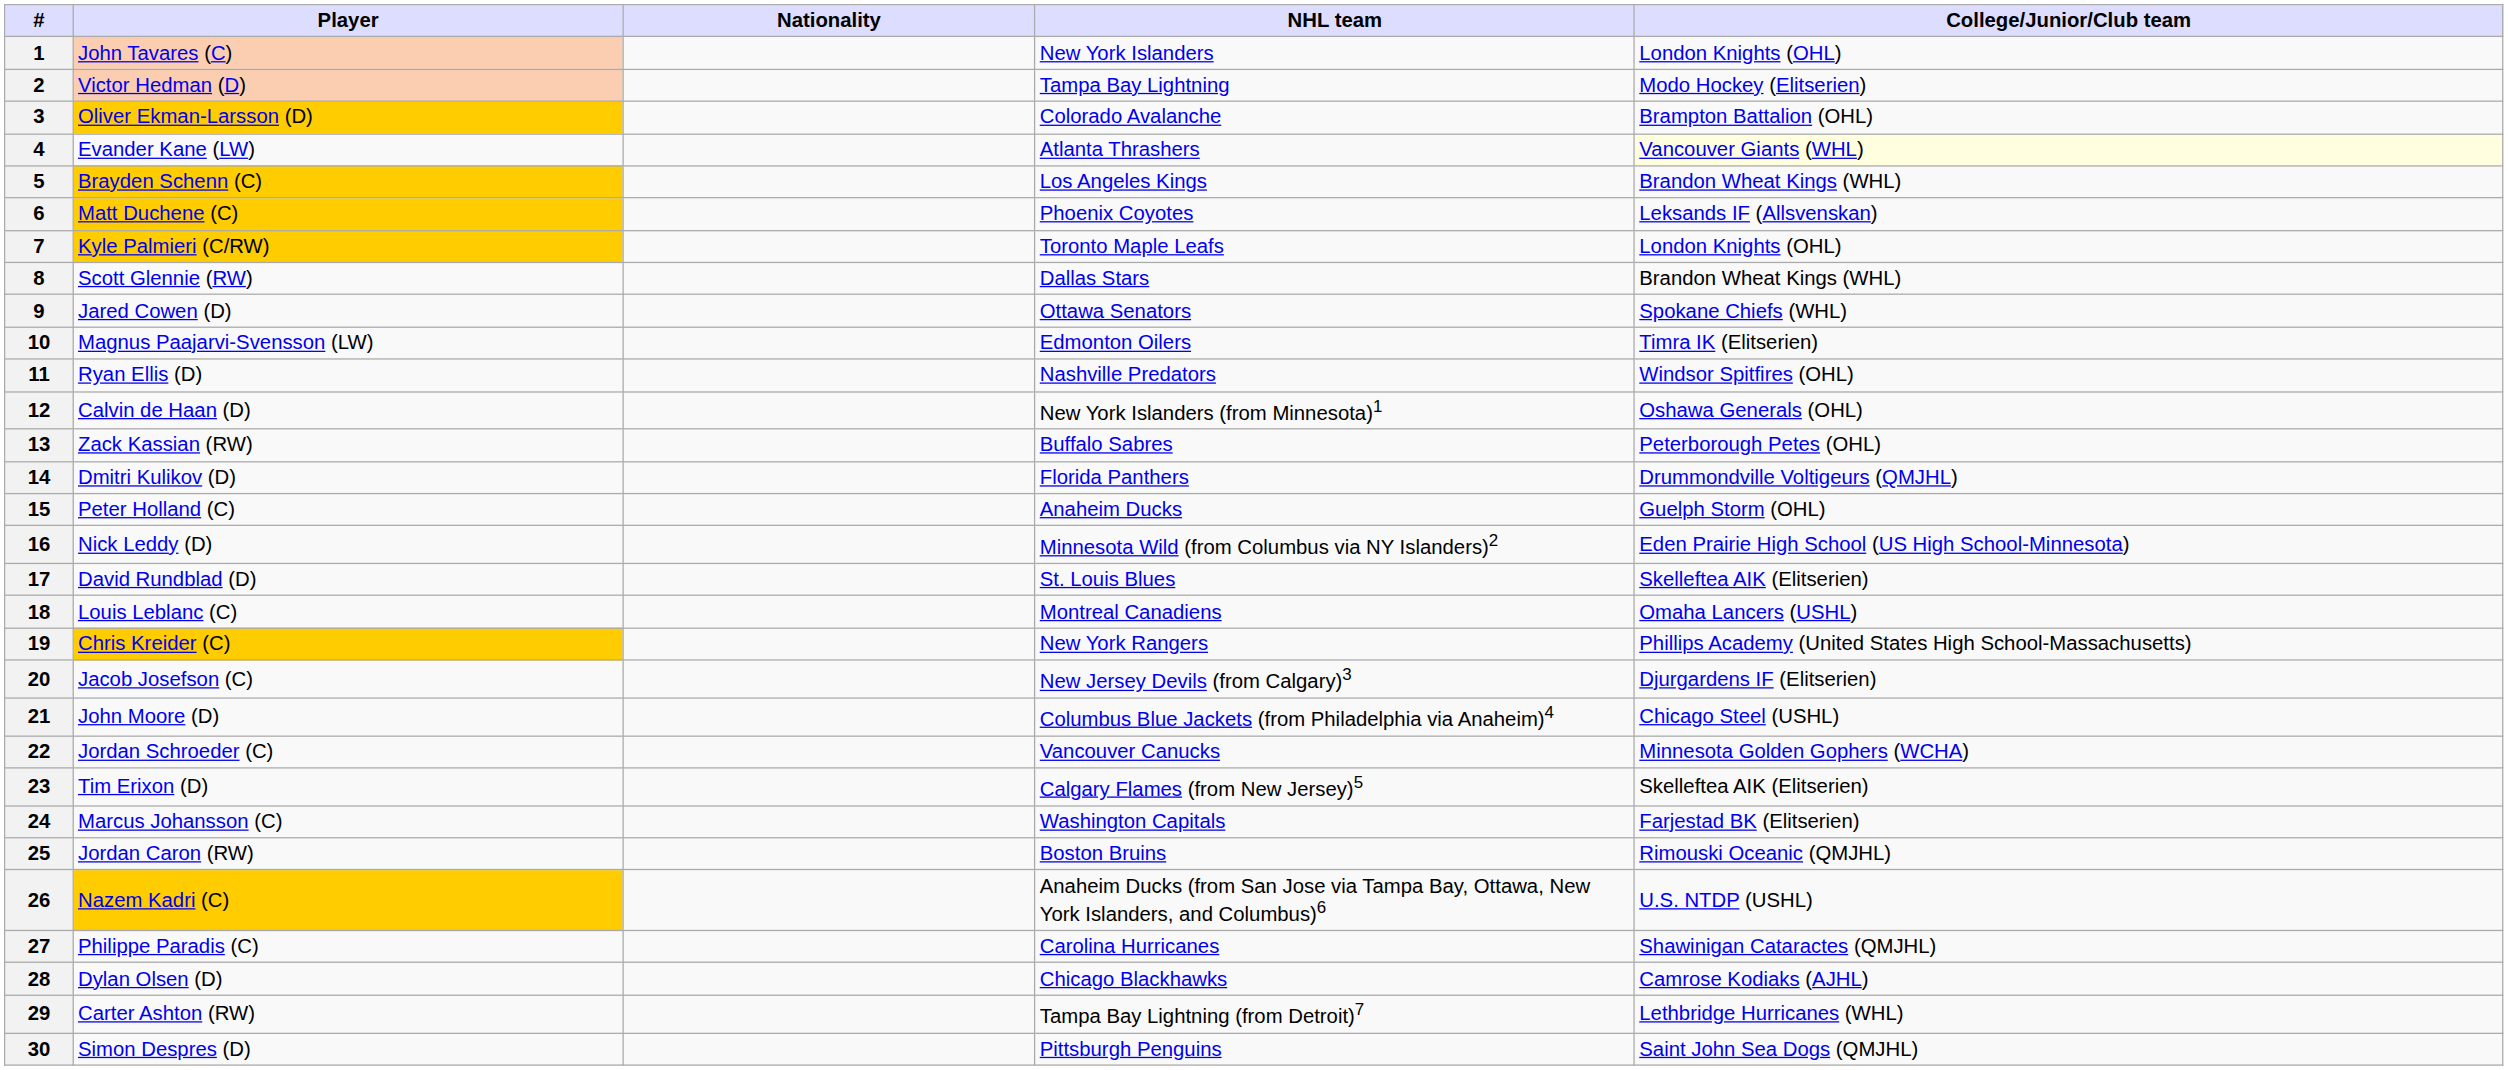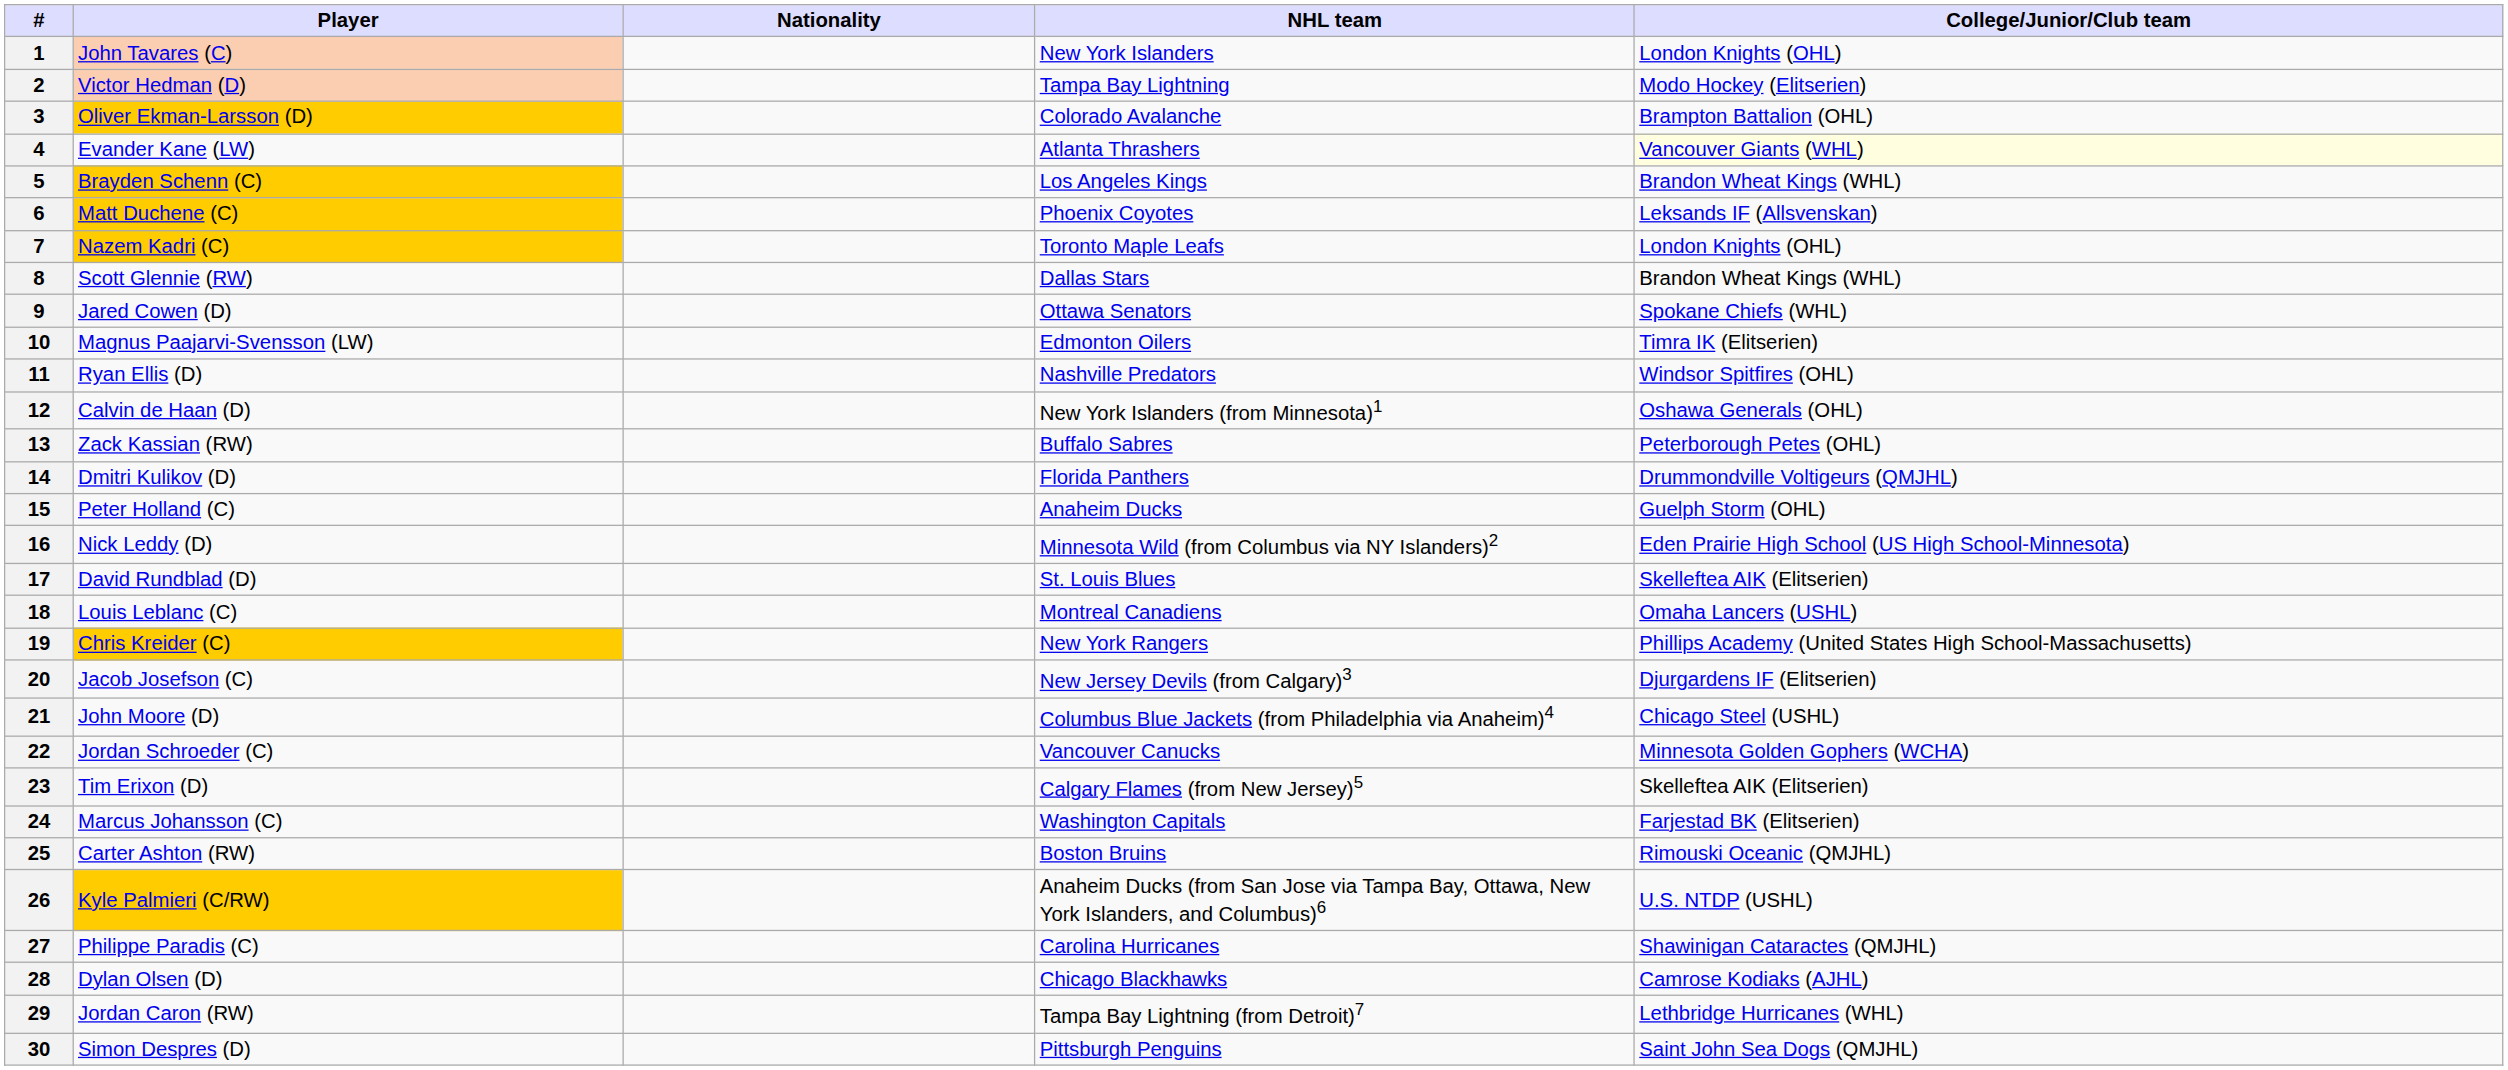 <table class="wikitable">
 <tr>
 <th style="background:#ddf; width:2.75%;">#</th>
 <th style="background:#ddf; width:22.0%;">Player</th>
 <th style="background:#ddf; width:16.5%;">Nationality</th>
 <th style="background:#ddf; width:24.0%;">NHL team</th>
 <th style="background:#ddf; width:100.0%;">College/Junior/Club team</th>
 </tr>
 <tr>
 <th>1</th>
 <td bgcolor="#FBCEB1"><a href='#'>John Tavares</a> (<a href='#'>C</a>)</td>
 <td></td>
 <td><a href='#'>New York Islanders</a></td>
 <td><a href='#'>London Knights</a> (<a href='#'>OHL</a>)</td>
 </tr>
 <tr>
 <th>2</th>
 <td bgcolor="#FBCEB1"><a href='#'>Victor Hedman</a> (<a href='#'>D</a>)</td>
 <td></td>
 <td><a href='#'>Tampa Bay Lightning</a></td>
 <td><a href='#'>Modo Hockey</a> (<a href='#'>Elitserien</a>)</td>
 </tr>
 <tr>
 <th>3</th>
 <td bgcolor="#FFCC00"><a href='#'>Oliver Ekman-Larsson</a> (D)</td>
 <td></td>
 <td><a href='#'>Colorado Avalanche</a></td>
 <td><a href='#'>Brampton Battalion</a> (OHL)</td>
 </tr>
 <tr>
 <th>4</th>
 <td><a href='#'>Evander Kane</a> (<a href='#'>LW</a>)</td>
 <td></td>
 <td><a href='#'>Atlanta Thrashers</a></td>
 <td style="background: lightyellow;"><a href='#'>Vancouver Giants</a> (<a href='#'>WHL</a>)</td>
 </tr>
 <tr>
 <th>5</th>
 <td bgcolor="#FFCC00"><a href='#'>Brayden Schenn</a> (C)</td>
 <td></td>
 <td><a href='#'>Los Angeles Kings</a></td>
 <td><a href='#'>Brandon Wheat Kings</a> (WHL)</td>
 </tr>
 <tr>
 <th>6</th>
 <td bgcolor="#FFCC00"><a href='#'>Matt Duchene</a> (C)</td>
 <td></td>
 <td><a href='#'>Phoenix Coyotes</a></td>
 <td><a href='#'>Leksands IF</a> (<a href='#'>Allsvenskan</a>)</td>
 </tr>
 <tr>
 <th>7</th>
-<td bgcolor="#FFCC00"><a href='#'>Kyle Palmieri</a> (C/RW)</td>
+<td bgcolor="#FFCC00"><a href='#'>Nazem Kadri</a> (C)</td>
 <td></td>
 <td><a href='#'>Toronto Maple Leafs</a></td>
 <td><a href='#'>London Knights</a> (OHL)</td>
 </tr>
 <tr>
 <th>8</th>
 <td><a href='#'>Scott Glennie</a> (<a href='#'>RW</a>)</td>
 <td></td>
 <td><a href='#'>Dallas Stars</a></td>
 <td>Brandon Wheat Kings (WHL)</td>
 </tr>
 <tr>
 <th>9</th>
 <td><a href='#'>Jared Cowen</a> (D)</td>
 <td></td>
 <td><a href='#'>Ottawa Senators</a></td>
 <td><a href='#'>Spokane Chiefs</a> (WHL)</td>
 </tr>
 <tr>
 <th>10</th>
 <td><a href='#'>Magnus Paajarvi-Svensson</a> (LW)</td>
 <td></td>
 <td><a href='#'>Edmonton Oilers</a></td>
 <td><a href='#'>Timra IK</a> (Elitserien)</td>
 </tr>
 <tr>
 <th>11</th>
 <td><a href='#'>Ryan Ellis</a> (D)</td>
 <td></td>
 <td><a href='#'>Nashville Predators</a></td>
 <td><a href='#'>Windsor Spitfires</a> (OHL)</td>
 </tr>
 <tr>
 <th>12</th>
 <td><a href='#'>Calvin de Haan</a> (D)</td>
 <td></td>
 <td>New York Islanders (from Minnesota)<sup>1</sup></td>
 <td><a href='#'>Oshawa Generals</a> (OHL)</td>
 </tr>
 <tr>
 <th>13</th>
 <td><a href='#'>Zack Kassian</a> (RW)</td>
 <td></td>
 <td><a href='#'>Buffalo Sabres</a></td>
 <td><a href='#'>Peterborough Petes</a> (OHL)</td>
 </tr>
 <tr>
 <th>14</th>
 <td><a href='#'>Dmitri Kulikov</a> (D)</td>
 <td></td>
 <td><a href='#'>Florida Panthers</a></td>
 <td><a href='#'>Drummondville Voltigeurs</a> (<a href='#'>QMJHL</a>)</td>
 </tr>
 <tr>
 <th>15</th>
 <td><a href='#'>Peter Holland</a> (C)</td>
 <td></td>
 <td><a href='#'>Anaheim Ducks</a></td>
 <td><a href='#'>Guelph Storm</a> (OHL)</td>
 </tr>
 <tr>
 <th>16</th>
 <td><a href='#'>Nick Leddy</a> (D)</td>
 <td></td>
 <td><a href='#'>Minnesota Wild</a> (from Columbus via NY Islanders)<sup>2</sup></td>
 <td><a href='#'>Eden Prairie High School</a> (<a href='#'>US High School-Minnesota</a>)</td>
 </tr>
 <tr>
 <th>17</th>
 <td><a href='#'>David Rundblad</a> (D)</td>
 <td></td>
 <td><a href='#'>St. Louis Blues</a></td>
 <td><a href='#'>Skelleftea AIK</a> (Elitserien)</td>
 </tr>
 <tr>
 <th>18</th>
 <td><a href='#'>Louis Leblanc</a> (C)</td>
 <td></td>
 <td><a href='#'>Montreal Canadiens</a></td>
 <td><a href='#'>Omaha Lancers</a> (<a href='#'>USHL</a>)</td>
 </tr>
 <tr>
 <th>19</th>
 <td bgcolor="#FFCC00"><a href='#'>Chris Kreider</a> (C)</td>
 <td></td>
 <td><a href='#'>New York Rangers</a></td>
 <td><a href='#'>Phillips Academy</a> (United States High School-Massachusetts)</td>
 </tr>
 <tr>
 <th>20</th>
 <td><a href='#'>Jacob Josefson</a> (C)</td>
 <td></td>
 <td><a href='#'>New Jersey Devils</a> (from Calgary)<sup>3</sup></td>
 <td><a href='#'>Djurgardens IF</a> (Elitserien)</td>
 </tr>
 <tr>
 <th>21</th>
 <td><a href='#'>John Moore</a> (D)</td>
 <td></td>
 <td><a href='#'>Columbus Blue Jackets</a> (from Philadelphia via Anaheim)<sup>4</sup></td>
 <td><a href='#'>Chicago Steel</a> (USHL)</td>
 </tr>
 <tr>
 <th>22</th>
 <td><a href='#'>Jordan Schroeder</a> (C)</td>
 <td></td>
 <td><a href='#'>Vancouver Canucks</a></td>
 <td><a href='#'>Minnesota Golden Gophers</a> (<a href='#'>WCHA</a>)</td>
 </tr>
 <tr>
 <th>23</th>
 <td><a href='#'>Tim Erixon</a> (D)</td>
 <td></td>
 <td><a href='#'>Calgary Flames</a> (from New Jersey)<sup>5</sup></td>
 <td>Skelleftea AIK (Elitserien)</td>
 </tr>
 <tr>
 <th>24</th>
 <td><a href='#'>Marcus Johansson</a> (C)</td>
 <td></td>
 <td><a href='#'>Washington Capitals</a></td>
 <td><a href='#'>Farjestad BK</a> (Elitserien)</td>
 </tr>
 <tr>
 <th>25</th>
-<td><a href='#'>Jordan Caron</a> (RW)</td>
+<td><a href='#'>Carter Ashton</a> (RW)</td>
 <td></td>
 <td><a href='#'>Boston Bruins</a></td>
 <td><a href='#'>Rimouski Oceanic</a> (QMJHL)</td>
 </tr>
 <tr>
 <th>26</th>
-<td bgcolor="#FFCC00"><a href='#'>Nazem Kadri</a> (C)</td>
+<td bgcolor="#FFCC00"><a href='#'>Kyle Palmieri</a> (C/RW)</td>
 <td></td>
 <td>Anaheim Ducks (from San Jose via Tampa Bay, Ottawa, New York Islanders, and Columbus)<sup>6</sup></td>
 <td><a href='#'>U.S. NTDP</a> (USHL)</td>
 </tr>
 <tr>
 <th>27</th>
 <td><a href='#'>Philippe Paradis</a> (C)</td>
 <td></td>
 <td><a href='#'>Carolina Hurricanes</a></td>
 <td><a href='#'>Shawinigan Cataractes</a> (QMJHL)</td>
 </tr>
 <tr>
 <th>28</th>
 <td><a href='#'>Dylan Olsen</a> (D)</td>
 <td></td>
 <td><a href='#'>Chicago Blackhawks</a></td>
 <td><a href='#'>Camrose Kodiaks</a> (<a href='#'>AJHL</a>)</td>
 </tr>
 <tr>
 <th>29</th>
-<td><a href='#'>Carter Ashton</a> (RW)</td>
+<td><a href='#'>Jordan Caron</a> (RW)</td>
 <td></td>
 <td>Tampa Bay Lightning (from Detroit)<sup>7</sup></td>
 <td><a href='#'>Lethbridge Hurricanes</a> (WHL)</td>
 </tr>
 <tr>
 <th>30</th>
 <td><a href='#'>Simon Despres</a> (D)</td>
 <td></td>
 <td><a href='#'>Pittsburgh Penguins</a></td>
 <td><a href='#'>Saint John Sea Dogs</a> (QMJHL)</td>
 </tr>
 </table>
